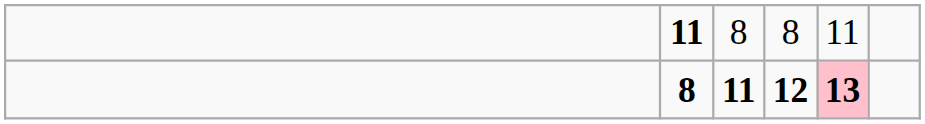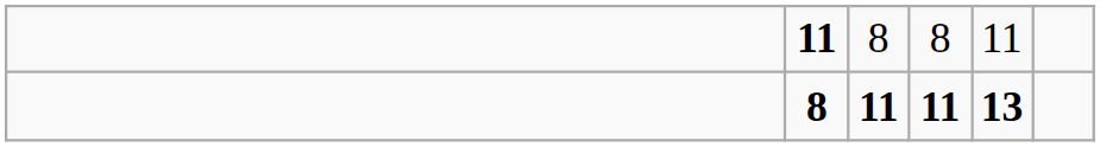 <table class="wikitable">
 <tr>
 <td style="width:18em"></td>
 <td align=center style="width:1em"><strong>11</strong></td>
 <td align=center style="width:1em">8</td>
 <td align=center style="width:1em">8</td>
 <td align=center style="width:1em">11</td>
 <td align=center style="width:1em"></td>
 </tr>
 <tr>
 <td style="width:18em"><strong></strong></td>
 <td align=center style="width:1em"><strong>8</strong></td>
 <td align=center style="width:1em"><strong>11</strong></td>
-<td align=center style="width:1em"><strong>12</strong></td>
-<td align=center style="background: pink; width:1em"><strong>13</strong></td>
+<td align=center style="width:1em"><strong>11</strong></td>
+<td align=center style="width:1em"><strong>13</strong></td>
 <td align=center style="width:1em"></td>
 </tr>
 </table>
